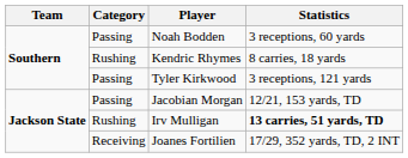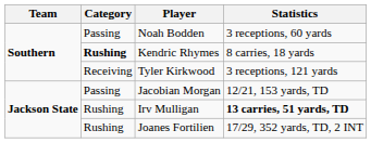 <table class="wikitable" style="float: right;">
 <tr>
 <th>Team</th>
 <th>Category</th>
 <th>Player</th>
 <th>Statistics</th>
 </tr>
 <tr>
 <td rowspan=3><strong>Southern</strong></td>
 <td>Passing</td>
 <td>Noah Bodden</td>
 <td>3 receptions, 60 yards</td>
 </tr>
 <tr>
-<td>Rushing</td>
+<td><strong>Rushing</strong></td>
 <td>Kendric Rhymes</td>
 <td>8 carries, 18 yards</td>
 </tr>
 <tr>
-<td>Passing</td>
+<td>Receiving</td>
 <td>Tyler Kirkwood</td>
 <td>3 receptions, 121 yards</td>
 </tr>
 <tr>
 <td rowspan=3><strong>Jackson State</strong></td>
 <td>Passing</td>
 <td>Jacobian Morgan</td>
 <td>12/21, 153 yards, TD</td>
 </tr>
 <tr>
 <td>Rushing</td>
 <td>Irv Mulligan</td>
 <td><strong>13 carries, 51 yards, TD</strong></td>
 </tr>
 <tr>
-<td>Receiving</td>
+<td>Rushing</td>
 <td>Joanes Fortilien</td>
 <td>17/29, 352 yards, TD, 2 INT</td>
 </tr>
 </table>
